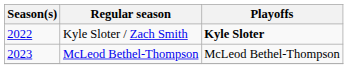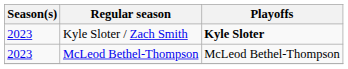 <table class="wikitable">
 <tr>
 <th>Season(s)</th>
 <th>Regular season</th>
 <th>Playoffs</th>
 </tr>
 <tr>
-<td><a href='#'>2022</a></td>
+<td><a href='#'>2023</a></td>
 <td>Kyle Sloter  / <a href='#'>Zach Smith</a> </td>
 <td><strong>Kyle Sloter </strong></td>
 </tr>
 <tr>
 <td><a href='#'>2023</a></td>
 <td><a href='#'>McLeod Bethel-Thompson</a> </td>
 <td>McLeod Bethel-Thompson </td>
 </tr>
 <tr>
 </tr>
 </table>
